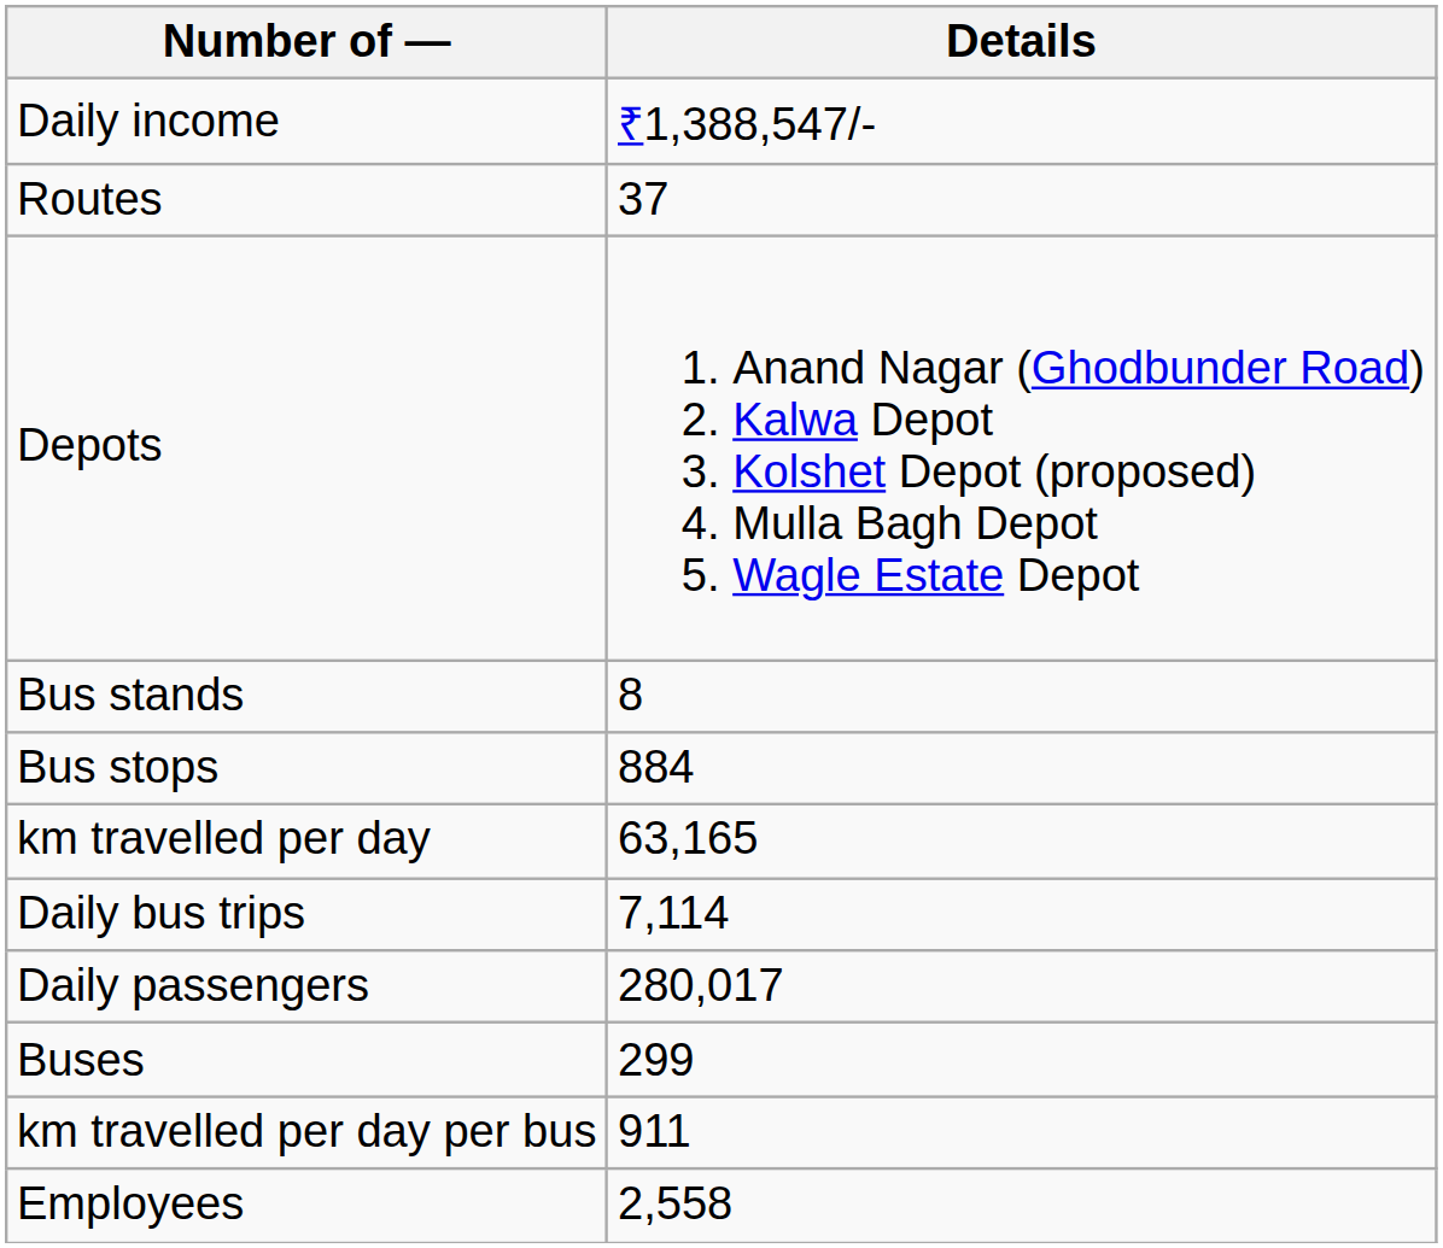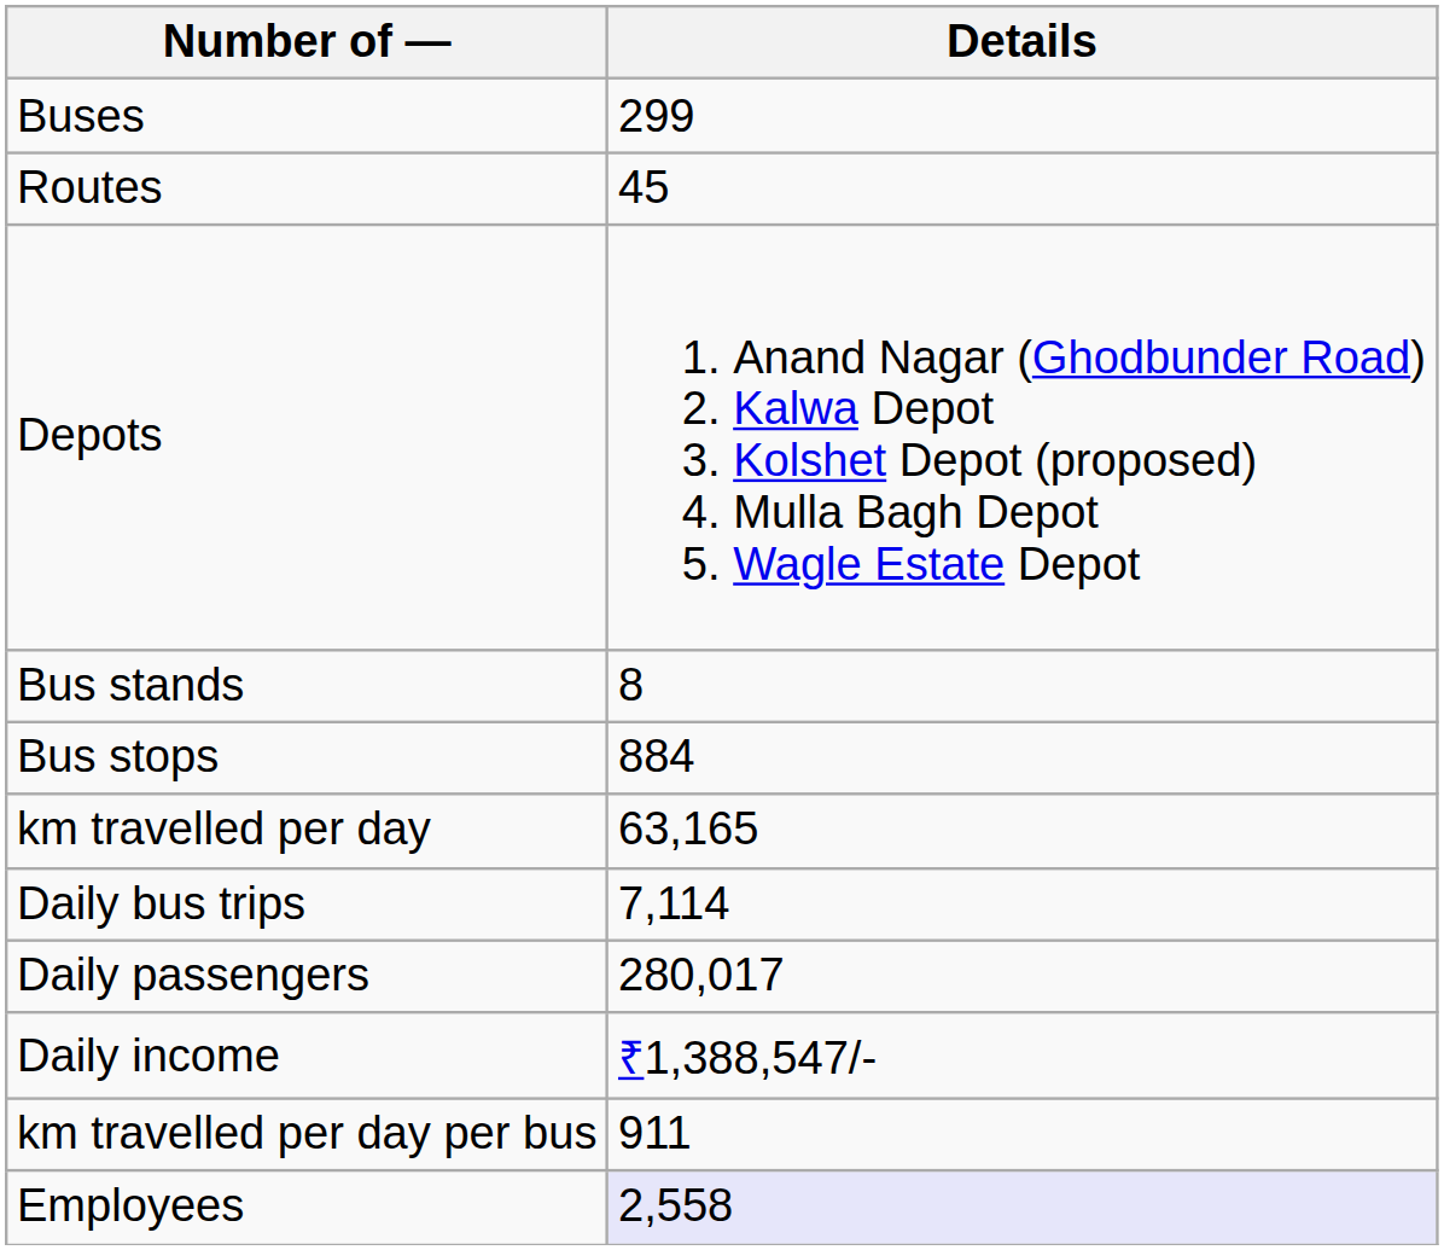 <table class="wikitable">
 <tr>
 <th>Number of —</th>
 <th>Details</th>
 </tr>
 <tr>
-<td>Daily income</td>
-<td><a href='#'>₹</a>1,388,547/-</td>
+<td>Buses</td>
+<td>299</td>
 </tr>
 <tr>
 <td>Routes</td>
-<td>37</td>
+<td>45</td>
 </tr>
 <tr>
 <td>Depots</td>
 <td><br><ol><li>Anand Nagar (<a href='#'>Ghodbunder Road</a>)</li><li><a href='#'>Kalwa</a> Depot</li><li><a href='#'>Kolshet</a> Depot (proposed)</li><li>Mulla Bagh Depot</li><li><a href='#'>Wagle Estate</a> Depot</li></ol></td>
 </tr>
 <tr>
 <td>Bus stands</td>
 <td>8</td>
 </tr>
 <tr>
 <td>Bus stops</td>
 <td>884</td>
 </tr>
 <tr>
 <td>km travelled per day</td>
 <td>63,165</td>
 </tr>
 <tr>
 <td>Daily bus trips</td>
 <td>7,114</td>
 </tr>
 <tr>
 <td>Daily passengers</td>
 <td>280,017</td>
 </tr>
 <tr>
-<td>Buses</td>
-<td>299</td>
+<td>Daily income</td>
+<td><a href='#'>₹</a>1,388,547/-</td>
 </tr>
 <tr>
 <td>km travelled per day per bus</td>
 <td>911</td>
 </tr>
 <tr>
 <td>Employees</td>
-<td>2,558</td>
+<td style="background: lavender;">2,558</td>
 </tr>
 </table>
